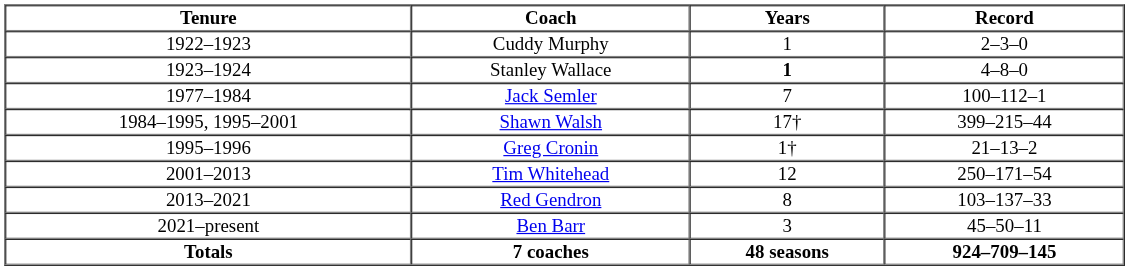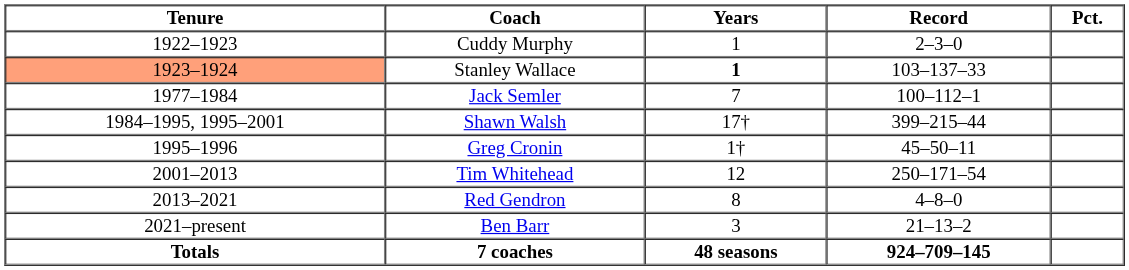 <table cellpadding="1" border="1" cellspacing="0" width="60%">
 <tr>
 <th>Tenure</th>
 <th>Coach</th>
 <th>Years</th>
 <th>Record</th>
+<th>Pct.</th>
 </tr>
 <tr align="center">
 <td>1922–1923</td>
 <td>Cuddy Murphy</td>
 <td>1</td>
 <td>2–3–0</td>
+<td></td>
 </tr>
 <tr align="center">
-<td>1923–1924</td>
+<td style="background: lightsalmon;">1923–1924</td>
 <td>Stanley Wallace</td>
 <td><strong>1</strong></td>
-<td>4–8–0</td>
+<td>103–137–33</td>
+<td></td>
 </tr>
 <tr align="center">
 <td>1977–1984</td>
 <td><a href='#'>Jack Semler</a></td>
 <td>7</td>
 <td>100–112–1</td>
+<td></td>
 </tr>
 <tr align="center">
 <td>1984–1995, 1995–2001</td>
 <td><a href='#'>Shawn Walsh</a></td>
 <td>17†</td>
 <td>399–215–44</td>
+<td></td>
 </tr>
 <tr align="center">
 <td>1995–1996</td>
 <td><a href='#'>Greg Cronin</a></td>
 <td>1†</td>
-<td>21–13–2</td>
+<td>45–50–11</td>
+<td></td>
 </tr>
 <tr align="center">
 <td>2001–2013</td>
 <td><a href='#'>Tim Whitehead</a></td>
 <td>12</td>
 <td>250–171–54</td>
+<td></td>
 </tr>
 <tr align="center">
 <td>2013–2021</td>
 <td><a href='#'>Red Gendron</a></td>
 <td>8</td>
-<td>103–137–33</td>
+<td>4–8–0</td>
+<td></td>
 </tr>
 <tr align="center">
 <td>2021–present</td>
 <td><a href='#'>Ben Barr</a></td>
 <td>3</td>
-<td>45–50–11</td>
+<td>21–13–2</td>
+<td></td>
 </tr>
 <tr align=center>
 <th>Totals</th>
 <th>7 coaches</th>
 <th>48 seasons</th>
 <th>924–709–145</th>
+<th></th>
 </tr>
 </table>
